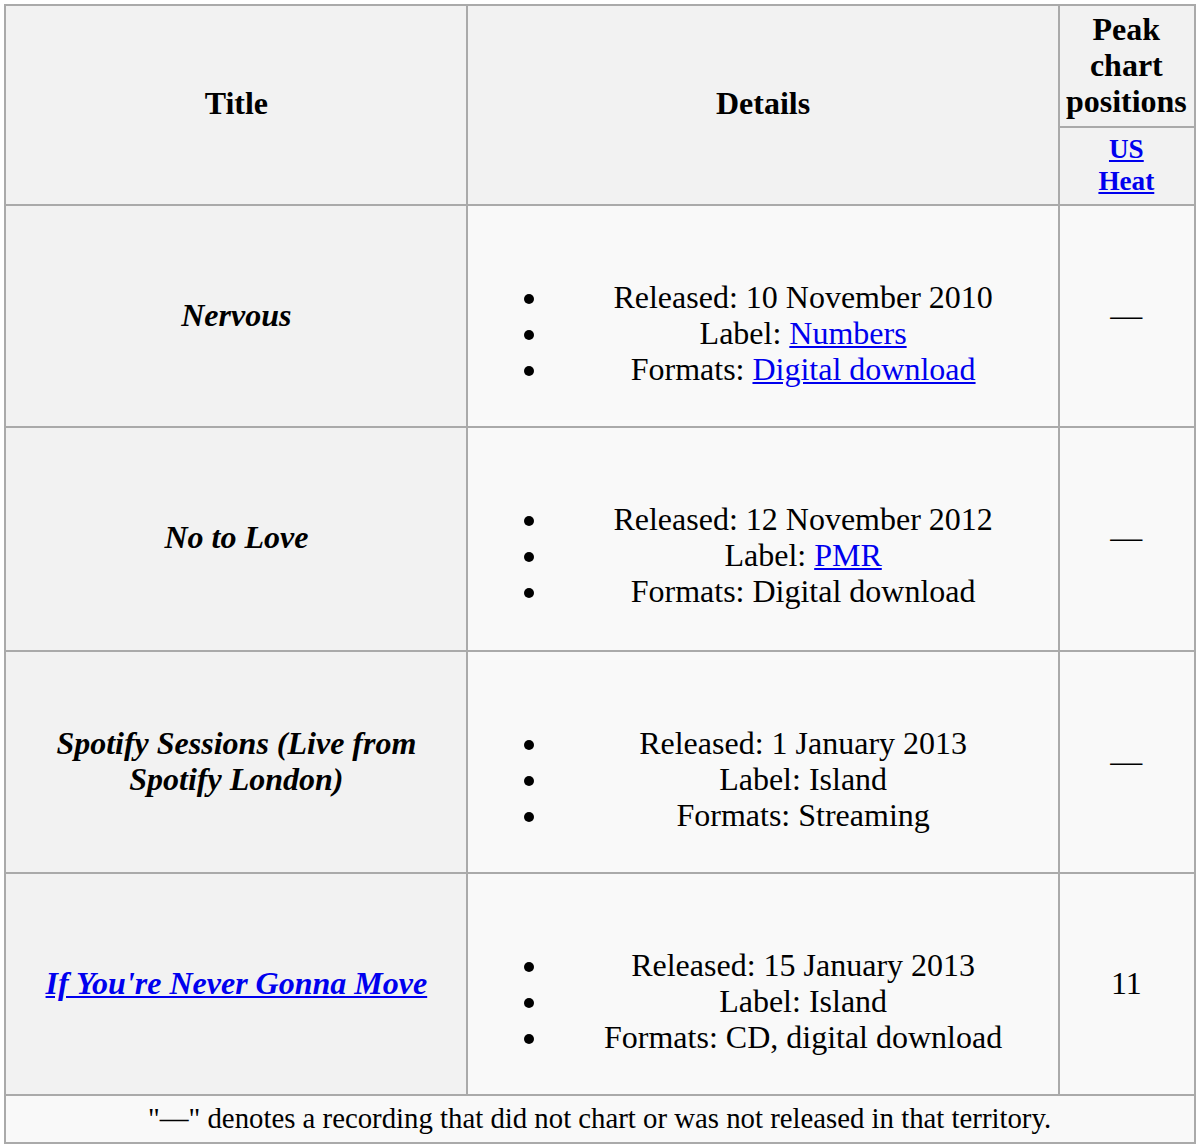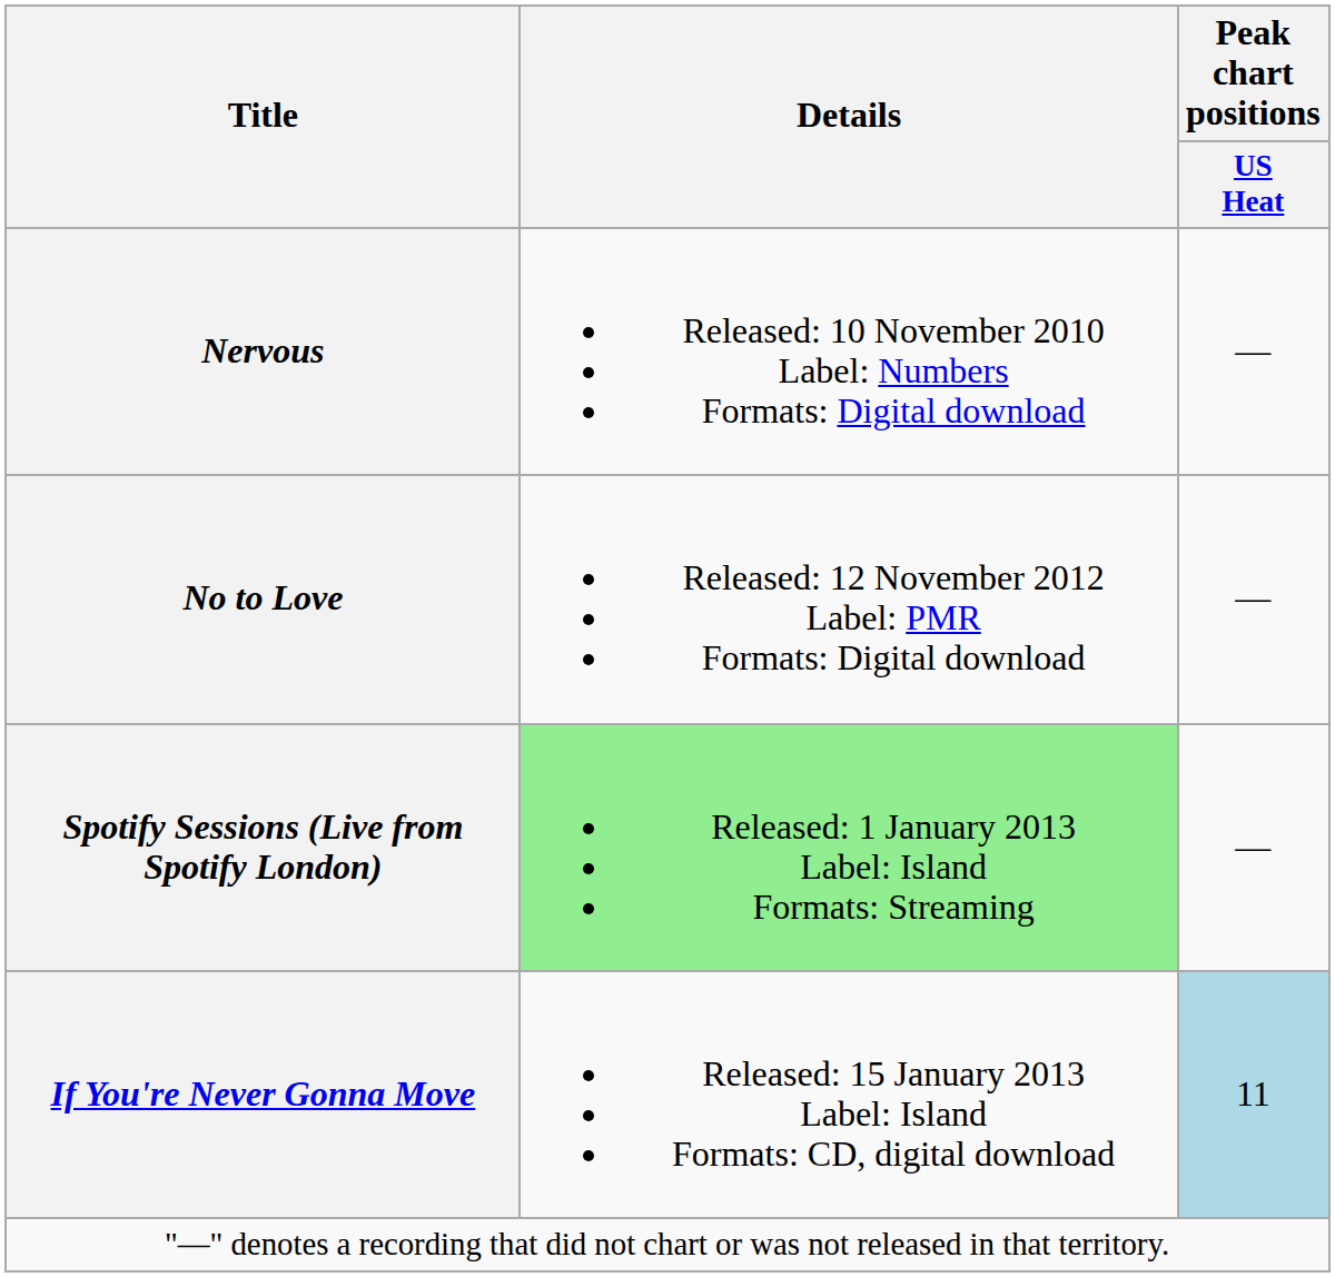 <table class="wikitable plainrowheaders" style="text-align:center;">
 <tr>
 <th scope="col" rowspan="2" style="width:14em;">Title</th>
 <th scope="col" rowspan="2" style="width:18em;">Details</th>
 <th scope="col" colspan="1">Peak chart positions</th>
 </tr>
 <tr>
 <th scope="col" style="width:3em;font-size:85%;"><a href='#'>US<br>Heat</a></th>
 </tr>
 <tr>
 <th scope="row"><em>Nervous</em><br></th>
 <td><br><ul><li>Released: 10 November 2010</li><li>Label: <a href='#'>Numbers</a></li><li>Formats: <a href='#'>Digital download</a></li></ul></td>
 <td>—</td>
 </tr>
 <tr>
 <th scope="row"><em>No to Love</em></th>
 <td><br><ul><li>Released: 12 November 2012</li><li>Label: <a href='#'>PMR</a></li><li>Formats: Digital download</li></ul></td>
 <td>—</td>
 </tr>
 <tr>
 <th scope="row"><em>Spotify Sessions (Live from Spotify London)</em></th>
-<td><br><ul><li>Released: 1 January 2013</li><li>Label: Island</li><li>Formats: Streaming</li></ul></td>
+<td style="background: lightgreen;"><br><ul><li>Released: 1 January 2013</li><li>Label: Island</li><li>Formats: Streaming</li></ul></td>
 <td>—</td>
 </tr>
 <tr>
 <th scope="row"><em><a href='#'>If You're Never Gonna Move</a></em></th>
 <td><br><ul><li>Released: 15 January 2013</li><li>Label: Island</li><li>Formats: CD, digital download</li></ul></td>
-<td>11</td>
+<td style="background: lightblue;">11</td>
 </tr>
 <tr>
 <td colspan="5" style="font-size:90%">"—" denotes a recording that did not chart or was not released in that territory.</td>
 </tr>
 </table>
